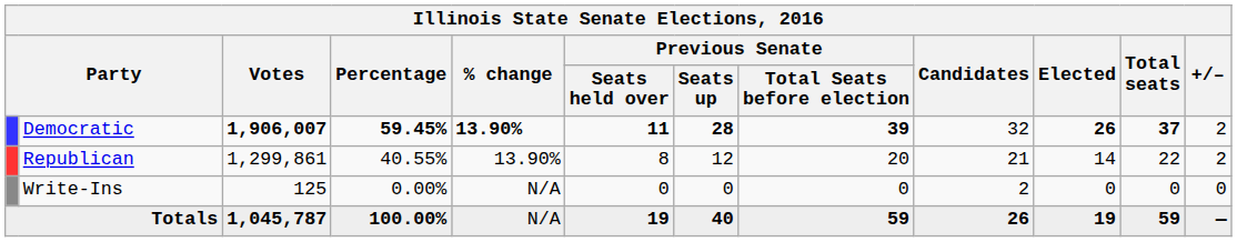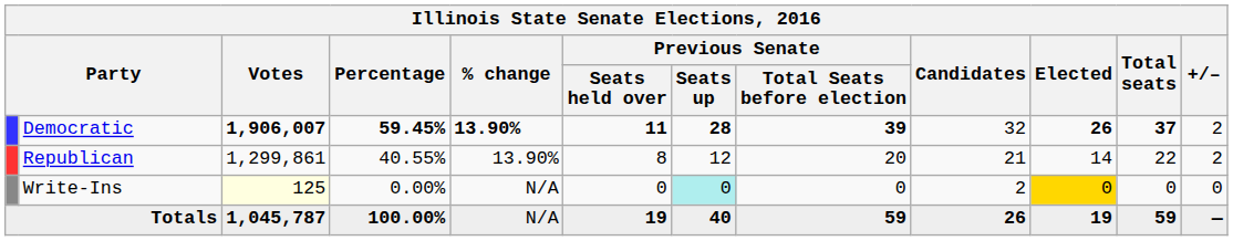 <table class="wikitable" style="font-size:95%;">
 <tr>
 <th colspan="12">Illinois State Senate Elections, 2016</th>
 </tr>
 <tr>
 <th rowspan=2 colspan=2>Party</th>
 <th rowspan=2>Votes</th>
 <th rowspan=2>Percentage</th>
 <th rowspan=2 style="width: 70px">% change</th>
 <th colspan=3>Previous Senate</th>
 <th rowspan=2>Candidates</th>
 <th rowspan=2>Elected</th>
 <th rowspan=2>Total<br>seats</th>
 <th rowspan=2 style="width: 25px">+/–</th>
 </tr>
 <tr>
 <th>Seats<br>held over</th>
 <th>Seats<br>up</th>
 <th>Total Seats<br>before election</th>
 </tr>
 <tr>
 <th style="background:#33f; width:3px;"></th>
 <td style="width: 130px"><a href='#'>Democratic</a></td>
 <td style="text-align:right;" ><strong>1,906,007</strong></td>
 <td align="right" ><strong>59.45%</strong></td>
 <td> <strong>13.90%</strong></td>
 <td align="right" ><strong>11</strong></td>
 <td align="right" ><strong>28</strong></td>
 <td align="right" ><strong>39</strong></td>
 <td align="right" >32</td>
 <td align="right" ><strong>26</strong></td>
 <td align="right" ><strong>37</strong></td>
 <td align="right"> 2</td>
 </tr>
 <tr>
 <th style="background:#f33; width:3px;"></th>
 <td style="width: 130px"><a href='#'>Republican</a></td>
 <td align="right">1,299,861</td>
 <td align="right">40.55%</td>
 <td align="right"> 13.90%</td>
 <td style="text-align:right;">8</td>
 <td style="text-align:right;">12</td>
 <td style="text-align:right;">20</td>
 <td style="text-align:right;">21</td>
 <td style="text-align:right;">14</td>
 <td style="text-align:right;">22</td>
 <td style="text-align:right;" > 2</td>
 </tr>
 <tr>
 <th style="background:#888; width:3px;"></th>
 <td style="width: 130px">Write-Ins</td>
-<td align="right">125</td>
+<td align="right" style="background: lightyellow;">125</td>
 <td align="right">0.00%</td>
 <td align="right">N/A</td>
 <td style="text-align:right;">0</td>
-<td style="text-align:right;">0</td>
+<td style="background: paleturquoise; text-align:right;">0</td>
 <td style="text-align:right;">0</td>
 <td style="text-align:right;">2</td>
-<td style="text-align:right;">0</td>
+<td style="background: gold; text-align:right;">0</td>
 <td style="text-align:right;">0</td>
 <td style="text-align:right;"> 0</td>
 </tr>
 <tr style="background:#eee; text-align:right;">
 <td colspan="2"><strong>Totals</strong></td>
 <td><strong>1,045,787</strong></td>
 <td><strong>100.00%</strong></td>
 <td>N/A</td>
 <td><strong>19</strong></td>
 <td><strong>40</strong></td>
 <td><strong>59</strong></td>
 <td><strong>26</strong></td>
 <td><strong>19</strong></td>
 <td><strong>59</strong></td>
 <td><strong>—</strong></td>
 </tr>
 </table>
